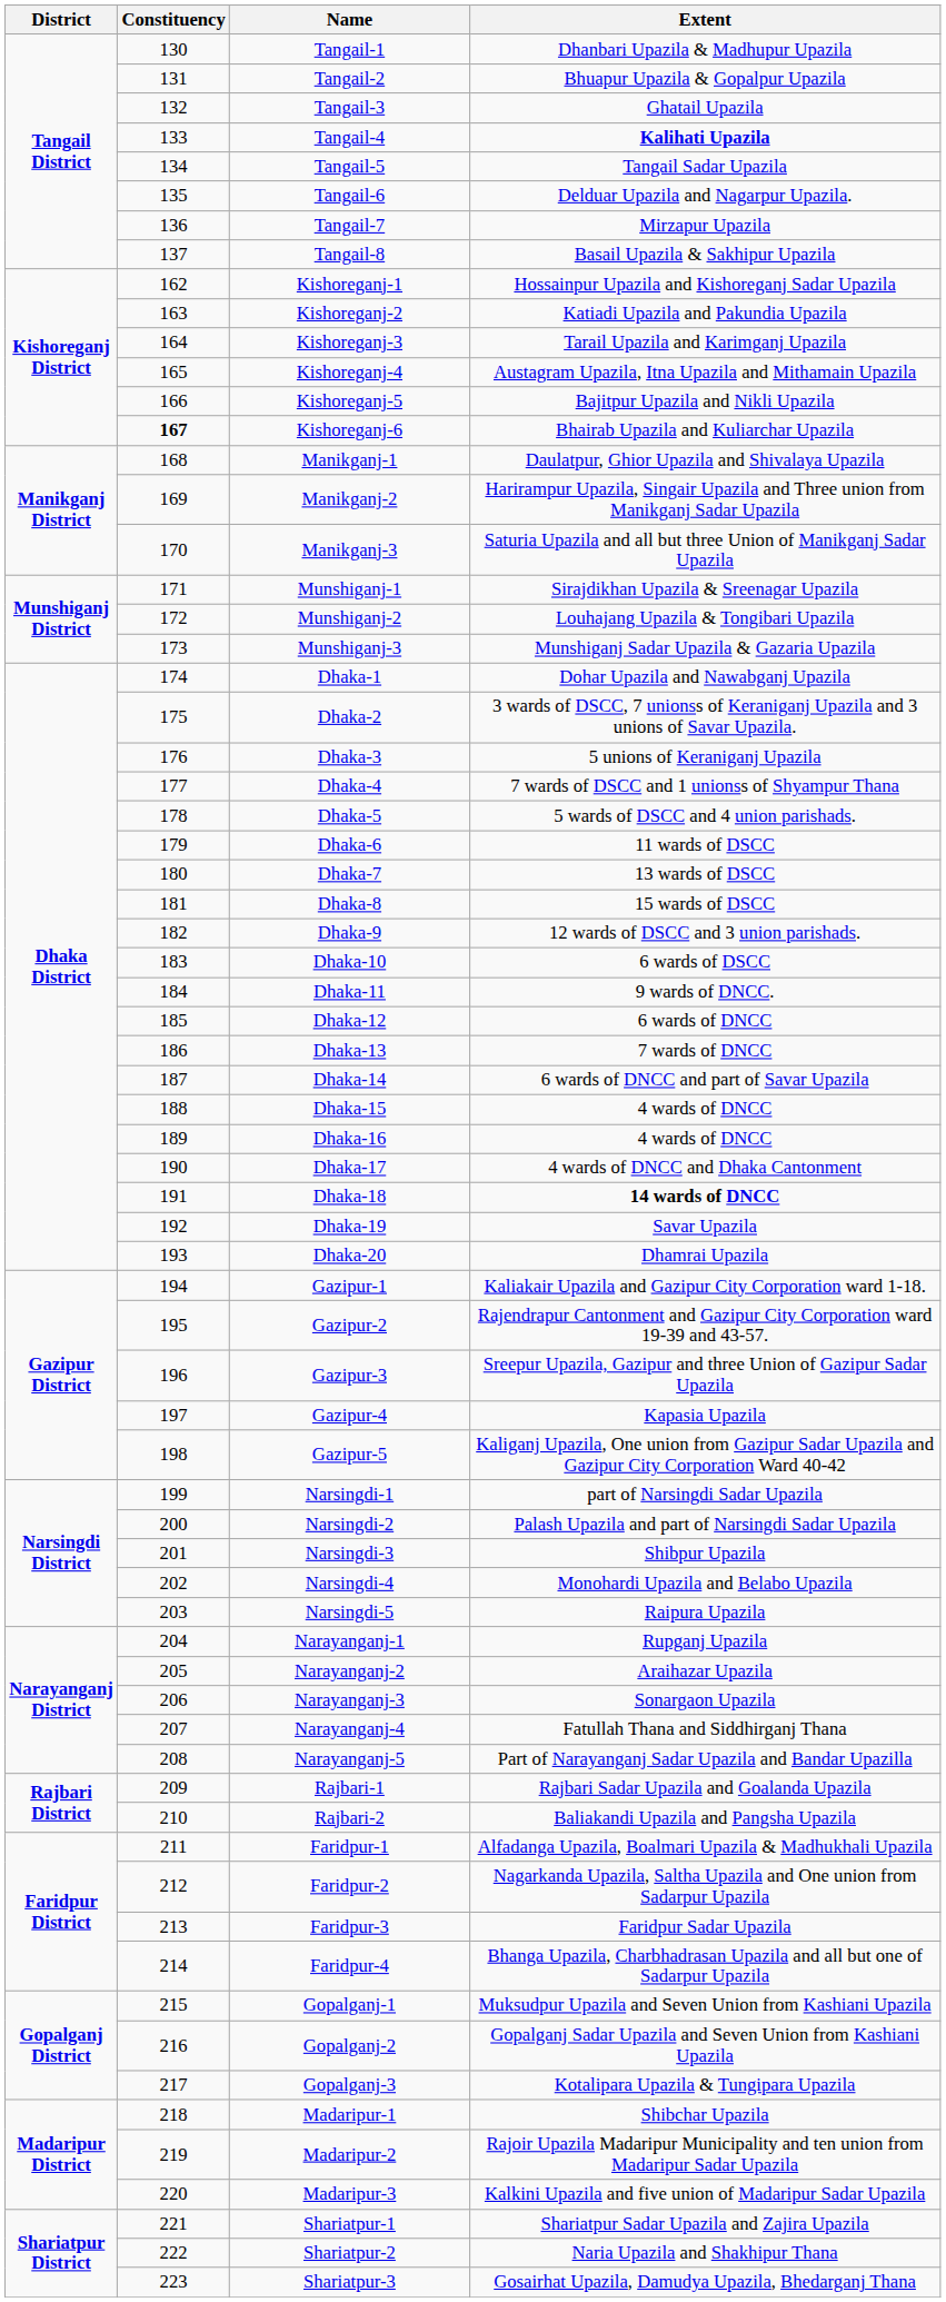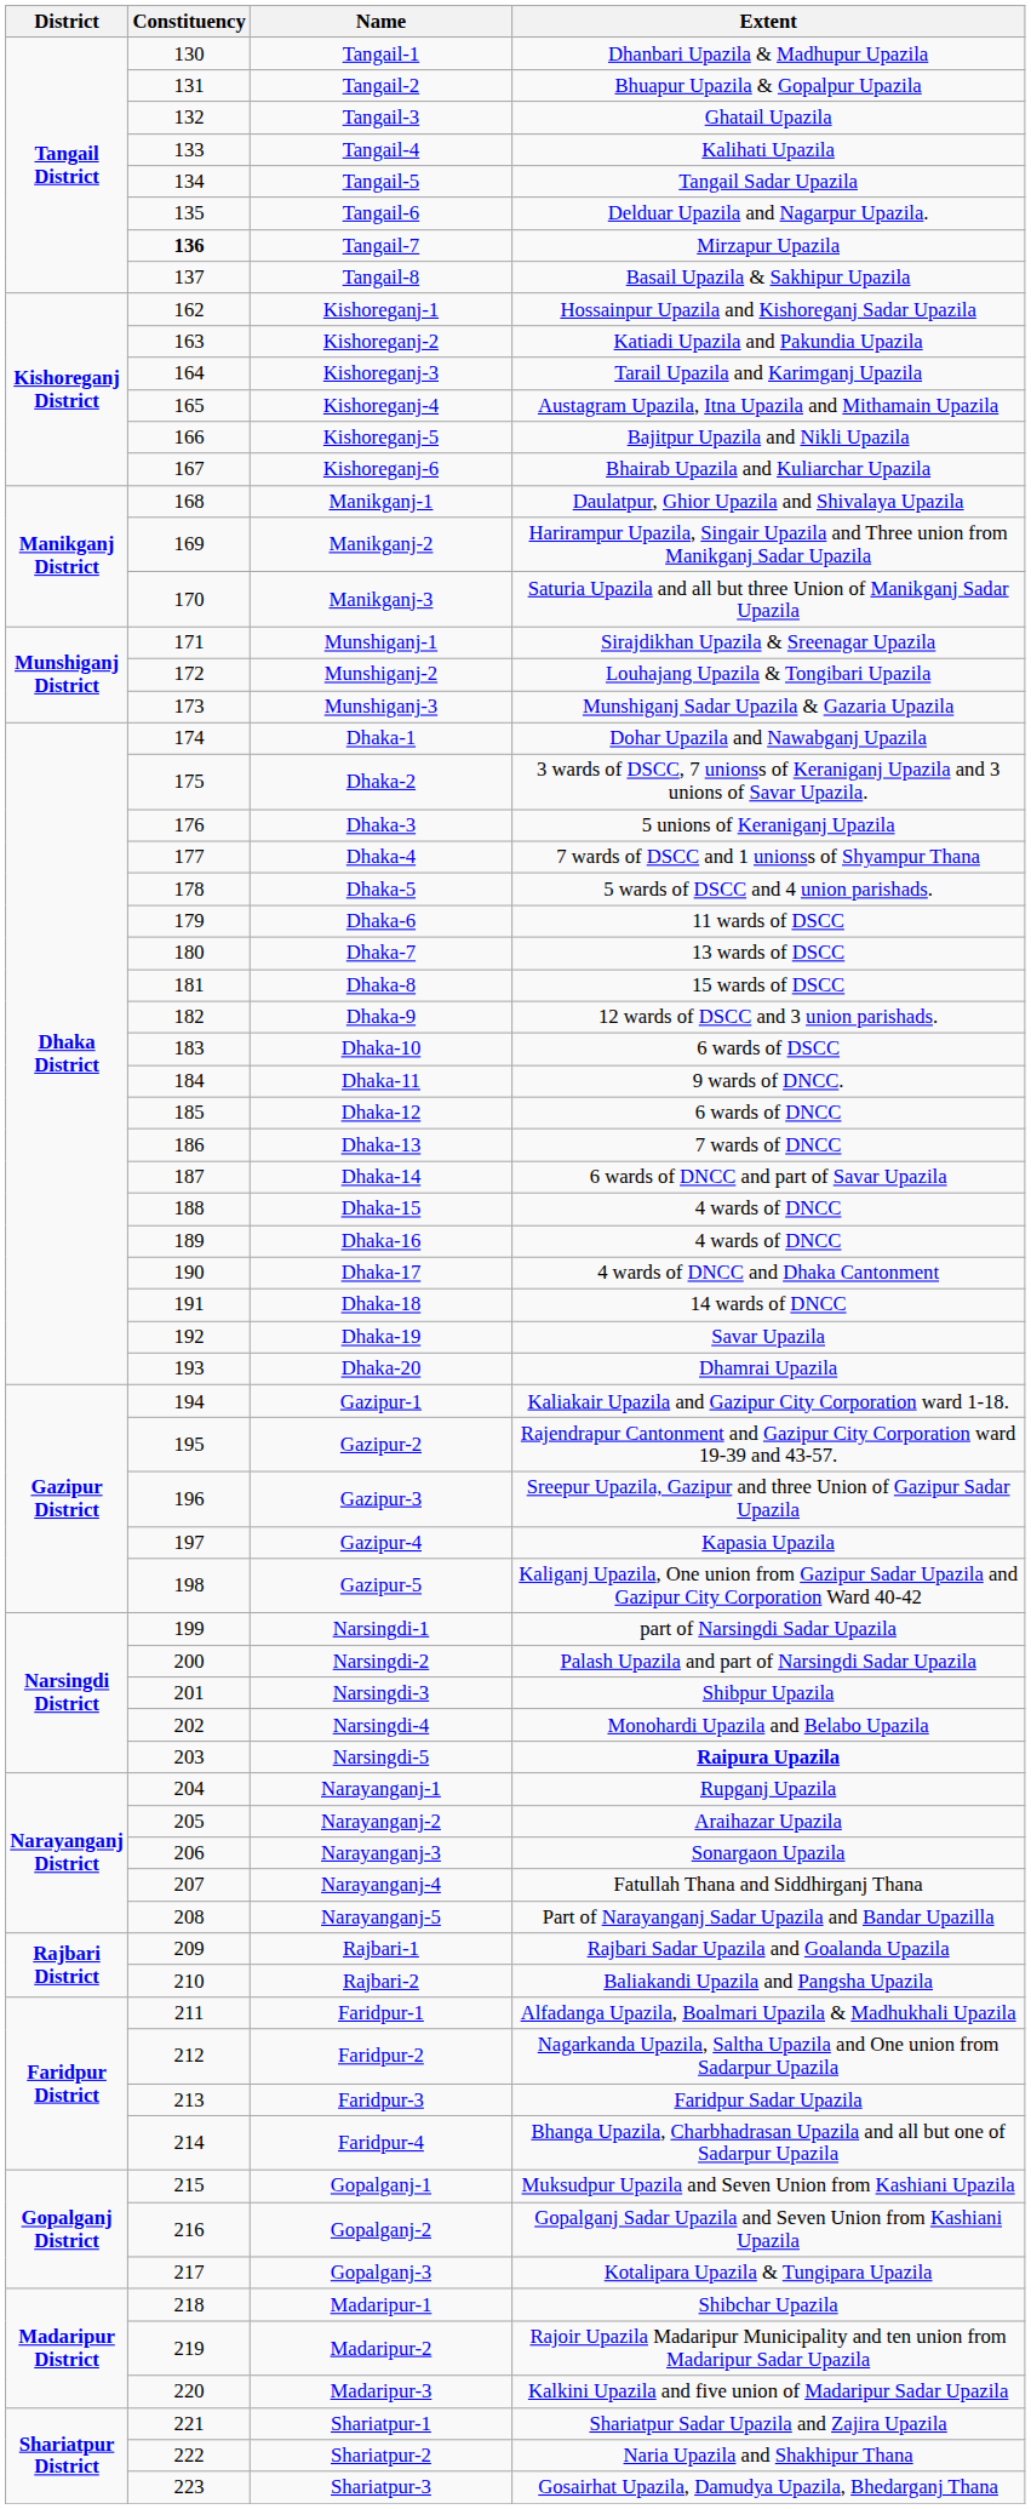 <table class=wikitable style=text-align:center>
 <tr>
 <th width=50>District</th>
 <th>Constituency</th>
 <th width=200>Name</th>
 <th width=400>Extent</th>
 </tr>
 <tr>
 <td rowspan=8align=center><strong><a href='#'>Tangail District</a></strong></td>
 <td>130</td>
 <td><a href='#'>Tangail-1</a></td>
 <td><a href='#'>Dhanbari Upazila</a> & <a href='#'>Madhupur Upazila</a></td>
 </tr>
 <tr>
 <td>131</td>
 <td><a href='#'>Tangail-2</a></td>
 <td><a href='#'>Bhuapur Upazila</a> & <a href='#'>Gopalpur Upazila</a></td>
 </tr>
 <tr>
 <td>132</td>
 <td><a href='#'>Tangail-3</a></td>
 <td><a href='#'>Ghatail Upazila</a></td>
 </tr>
 <tr>
 <td>133</td>
 <td><a href='#'>Tangail-4</a></td>
-<td><strong><a href='#'>Kalihati Upazila</a></strong></td>
+<td><a href='#'>Kalihati Upazila</a></td>
 </tr>
 <tr>
 <td>134</td>
 <td><a href='#'>Tangail-5</a></td>
 <td><a href='#'>Tangail Sadar Upazila</a></td>
 </tr>
 <tr>
 <td>135</td>
 <td><a href='#'>Tangail-6</a></td>
 <td><a href='#'>Delduar Upazila</a> and <a href='#'>Nagarpur Upazila</a>.</td>
 </tr>
 <tr>
-<td>136</td>
+<td><strong>136</strong></td>
 <td><a href='#'>Tangail-7</a></td>
 <td><a href='#'>Mirzapur Upazila</a></td>
 </tr>
 <tr>
 <td>137</td>
 <td><a href='#'>Tangail-8</a></td>
 <td><a href='#'>Basail Upazila</a> & <a href='#'>Sakhipur Upazila</a></td>
 </tr>
 <tr>
 <td rowspan=6align=center><strong><a href='#'>Kishoreganj District</a></strong></td>
 <td>162</td>
 <td><a href='#'>Kishoreganj-1</a></td>
 <td><a href='#'>Hossainpur Upazila</a> and <a href='#'>Kishoreganj Sadar Upazila</a></td>
 </tr>
 <tr>
 <td>163</td>
 <td><a href='#'>Kishoreganj-2</a></td>
 <td><a href='#'>Katiadi Upazila</a> and <a href='#'>Pakundia Upazila</a></td>
 </tr>
 <tr>
 <td>164</td>
 <td><a href='#'>Kishoreganj-3</a></td>
 <td><a href='#'>Tarail Upazila</a> and <a href='#'>Karimganj Upazila</a></td>
 </tr>
 <tr>
 <td>165</td>
 <td><a href='#'>Kishoreganj-4</a></td>
 <td><a href='#'>Austagram Upazila</a>, <a href='#'>Itna Upazila</a> and <a href='#'>Mithamain Upazila</a></td>
 </tr>
 <tr>
 <td>166</td>
 <td><a href='#'>Kishoreganj-5</a></td>
 <td><a href='#'>Bajitpur Upazila</a> and <a href='#'>Nikli Upazila</a></td>
 </tr>
 <tr>
-<td><strong>167</strong></td>
+<td>167</td>
 <td><a href='#'>Kishoreganj-6</a></td>
 <td><a href='#'>Bhairab Upazila</a> and <a href='#'>Kuliarchar Upazila</a></td>
 </tr>
 <tr>
 <td rowspan=3align=center><strong><a href='#'>Manikganj District</a></strong></td>
 <td>168</td>
 <td><a href='#'>Manikganj-1</a></td>
 <td><a href='#'>Daulatpur</a>, <a href='#'>Ghior Upazila</a> and <a href='#'>Shivalaya Upazila</a></td>
 </tr>
 <tr>
 <td>169</td>
 <td><a href='#'>Manikganj-2</a></td>
 <td><a href='#'>Harirampur Upazila</a>, <a href='#'>Singair Upazila</a> and Three union from <a href='#'>Manikganj Sadar Upazila</a></td>
 </tr>
 <tr>
 <td>170</td>
 <td><a href='#'>Manikganj-3</a></td>
 <td><a href='#'>Saturia Upazila</a> and all but three Union of <a href='#'>Manikganj Sadar Upazila</a></td>
 </tr>
 <tr>
 <td rowspan=3align=center><strong><a href='#'>Munshiganj District</a></strong></td>
 <td>171</td>
 <td><a href='#'>Munshiganj-1</a></td>
 <td><a href='#'>Sirajdikhan Upazila</a> & <a href='#'>Sreenagar Upazila</a></td>
 </tr>
 <tr>
 <td>172</td>
 <td><a href='#'>Munshiganj-2</a></td>
 <td><a href='#'>Louhajang Upazila</a> & <a href='#'>Tongibari Upazila</a></td>
 </tr>
 <tr>
 <td>173</td>
 <td><a href='#'>Munshiganj-3</a></td>
 <td><a href='#'>Munshiganj Sadar Upazila</a> & <a href='#'>Gazaria Upazila</a></td>
 </tr>
 <tr>
 <td rowspan=20align=center><strong><a href='#'>Dhaka District</a></strong></td>
 <td>174</td>
 <td><a href='#'>Dhaka-1</a></td>
 <td><a href='#'>Dohar Upazila</a> and <a href='#'>Nawabganj Upazila</a></td>
 </tr>
 <tr>
 <td>175</td>
 <td><a href='#'>Dhaka-2</a></td>
 <td>3 wards of <a href='#'>DSCC</a>, 7 <a href='#'>unions</a>s of <a href='#'>Keraniganj Upazila</a> and 3 unions of <a href='#'>Savar Upazila</a>.</td>
 </tr>
 <tr>
 <td>176</td>
 <td><a href='#'>Dhaka-3</a></td>
 <td>5 unions of <a href='#'>Keraniganj Upazila</a></td>
 </tr>
 <tr>
 <td>177</td>
 <td><a href='#'>Dhaka-4</a></td>
 <td>7 wards of <a href='#'>DSCC</a> and 1 <a href='#'>unions</a>s of <a href='#'>Shyampur Thana</a></td>
 </tr>
 <tr>
 <td>178</td>
 <td><a href='#'>Dhaka-5</a></td>
 <td>5 wards of <a href='#'>DSCC</a> and 4 <a href='#'>union parishads</a>.</td>
 </tr>
 <tr>
 <td>179</td>
 <td><a href='#'>Dhaka-6</a></td>
 <td>11 wards of <a href='#'>DSCC</a></td>
 </tr>
 <tr>
 <td>180</td>
 <td><a href='#'>Dhaka-7</a></td>
 <td>13 wards of <a href='#'>DSCC</a></td>
 </tr>
 <tr>
 <td>181</td>
 <td><a href='#'>Dhaka-8</a></td>
 <td>15 wards of <a href='#'>DSCC</a></td>
 </tr>
 <tr>
 <td>182</td>
 <td><a href='#'>Dhaka-9</a></td>
 <td>12 wards of <a href='#'>DSCC</a> and 3 <a href='#'>union parishads</a>.</td>
 </tr>
 <tr>
 <td>183</td>
 <td><a href='#'>Dhaka-10</a></td>
 <td>6 wards of <a href='#'>DSCC</a></td>
 </tr>
 <tr>
 <td>184</td>
 <td><a href='#'>Dhaka-11</a></td>
 <td>9 wards of <a href='#'>DNCC</a>.</td>
 </tr>
 <tr>
 <td>185</td>
 <td><a href='#'>Dhaka-12</a></td>
 <td>6 wards of <a href='#'>DNCC</a></td>
 </tr>
 <tr>
 <td>186</td>
 <td><a href='#'>Dhaka-13</a></td>
 <td>7 wards of <a href='#'>DNCC</a></td>
 </tr>
 <tr>
 <td>187</td>
 <td><a href='#'>Dhaka-14</a></td>
 <td>6 wards of <a href='#'>DNCC</a> and part of <a href='#'>Savar Upazila</a></td>
 </tr>
 <tr>
 <td>188</td>
 <td><a href='#'>Dhaka-15</a></td>
 <td>4 wards of <a href='#'>DNCC</a></td>
 </tr>
 <tr>
 <td>189</td>
 <td><a href='#'>Dhaka-16</a></td>
 <td>4 wards of <a href='#'>DNCC</a></td>
 </tr>
 <tr>
 <td>190</td>
 <td><a href='#'>Dhaka-17</a></td>
 <td>4 wards of <a href='#'>DNCC</a> and <a href='#'>Dhaka Cantonment</a></td>
 </tr>
 <tr>
 <td>191</td>
 <td><a href='#'>Dhaka-18</a></td>
-<td><strong>14 wards of <a href='#'>DNCC</a></strong></td>
+<td>14 wards of <a href='#'>DNCC</a></td>
 </tr>
 <tr>
 <td>192</td>
 <td><a href='#'>Dhaka-19</a></td>
 <td><a href='#'>Savar Upazila</a></td>
 </tr>
 <tr>
 <td>193</td>
 <td><a href='#'>Dhaka-20</a></td>
 <td><a href='#'>Dhamrai Upazila</a></td>
 </tr>
 <tr>
 <td rowspan=5align=center><strong><a href='#'>Gazipur District</a></strong></td>
 <td>194</td>
 <td><a href='#'>Gazipur-1</a></td>
 <td><a href='#'>Kaliakair Upazila</a> and <a href='#'>Gazipur City Corporation</a> ward 1-18.</td>
 </tr>
 <tr>
 <td>195</td>
 <td><a href='#'>Gazipur-2</a></td>
 <td><a href='#'>Rajendrapur Cantonment</a> and <a href='#'>Gazipur City Corporation</a> ward 19-39 and 43-57.</td>
 </tr>
 <tr>
 <td>196</td>
 <td><a href='#'>Gazipur-3</a></td>
 <td><a href='#'>Sreepur Upazila, Gazipur</a> and three Union of <a href='#'>Gazipur Sadar Upazila</a></td>
 </tr>
 <tr>
 <td>197</td>
 <td><a href='#'>Gazipur-4</a></td>
 <td><a href='#'>Kapasia Upazila</a></td>
 </tr>
 <tr>
 <td>198</td>
 <td><a href='#'>Gazipur-5</a></td>
 <td><a href='#'>Kaliganj Upazila</a>, One union from <a href='#'>Gazipur Sadar Upazila</a> and <a href='#'>Gazipur City Corporation</a> Ward 40-42</td>
 </tr>
 <tr>
 <td rowspan=5align=center><strong><a href='#'>Narsingdi District</a></strong></td>
 <td>199</td>
 <td><a href='#'>Narsingdi-1</a></td>
 <td>part of <a href='#'>Narsingdi Sadar Upazila</a></td>
 </tr>
 <tr>
 <td>200</td>
 <td><a href='#'>Narsingdi-2</a></td>
 <td><a href='#'>Palash Upazila</a> and part of <a href='#'>Narsingdi Sadar Upazila</a></td>
 </tr>
 <tr>
 <td>201</td>
 <td><a href='#'>Narsingdi-3</a></td>
 <td><a href='#'>Shibpur Upazila</a></td>
 </tr>
 <tr>
 <td>202</td>
 <td><a href='#'>Narsingdi-4</a></td>
 <td><a href='#'>Monohardi Upazila</a> and <a href='#'>Belabo Upazila</a></td>
 </tr>
 <tr>
 <td>203</td>
 <td><a href='#'>Narsingdi-5</a></td>
-<td><a href='#'>Raipura Upazila</a></td>
+<td><strong><a href='#'>Raipura Upazila</a></strong></td>
 </tr>
 <tr>
 <td rowspan=5align=center><strong><a href='#'>Narayanganj District</a></strong></td>
 <td>204</td>
 <td><a href='#'>Narayanganj-1</a></td>
 <td><a href='#'>Rupganj Upazila</a></td>
 </tr>
 <tr>
 <td>205</td>
 <td><a href='#'>Narayanganj-2</a></td>
 <td><a href='#'>Araihazar Upazila</a></td>
 </tr>
 <tr>
 <td>206</td>
 <td><a href='#'>Narayanganj-3</a></td>
 <td><a href='#'>Sonargaon Upazila</a></td>
 </tr>
 <tr>
 <td>207</td>
 <td><a href='#'>Narayanganj-4</a></td>
 <td>Fatullah Thana and Siddhirganj Thana</td>
 </tr>
 <tr>
 <td>208</td>
 <td><a href='#'>Narayanganj-5</a></td>
 <td>Part of <a href='#'>Narayanganj Sadar Upazila</a> and <a href='#'>Bandar Upazilla</a></td>
 </tr>
 <tr>
 <td rowspan=2align=center><strong><a href='#'>Rajbari District</a></strong></td>
 <td>209</td>
 <td><a href='#'>Rajbari-1</a></td>
 <td><a href='#'>Rajbari Sadar Upazila</a> and <a href='#'>Goalanda Upazila</a></td>
 </tr>
 <tr>
 <td>210</td>
 <td><a href='#'>Rajbari-2</a></td>
 <td><a href='#'>Baliakandi Upazila</a> and <a href='#'>Pangsha Upazila</a></td>
 </tr>
 <tr>
 <td rowspan=4align=center><strong><a href='#'>Faridpur District</a></strong></td>
 <td>211</td>
 <td><a href='#'>Faridpur-1</a></td>
 <td><a href='#'>Alfadanga Upazila</a>, <a href='#'>Boalmari Upazila</a> & <a href='#'>Madhukhali Upazila</a></td>
 </tr>
 <tr>
 <td>212</td>
 <td><a href='#'>Faridpur-2</a></td>
 <td><a href='#'>Nagarkanda Upazila</a>, <a href='#'>Saltha Upazila</a> and One union from <a href='#'>Sadarpur Upazila</a></td>
 </tr>
 <tr>
 <td>213</td>
 <td><a href='#'>Faridpur-3</a></td>
 <td><a href='#'>Faridpur Sadar Upazila</a></td>
 </tr>
 <tr>
 <td>214</td>
 <td><a href='#'>Faridpur-4</a></td>
 <td><a href='#'>Bhanga Upazila</a>, <a href='#'>Charbhadrasan Upazila</a> and all but one of <a href='#'>Sadarpur Upazila</a></td>
 </tr>
 <tr>
 <td rowspan=3align=center><strong><a href='#'>Gopalganj District</a></strong></td>
 <td>215</td>
 <td><a href='#'>Gopalganj-1</a></td>
 <td><a href='#'>Muksudpur Upazila</a> and Seven Union from <a href='#'>Kashiani Upazila</a></td>
 </tr>
 <tr>
 <td>216</td>
 <td><a href='#'>Gopalganj-2</a></td>
 <td><a href='#'>Gopalganj Sadar Upazila</a> and Seven Union from <a href='#'>Kashiani Upazila</a></td>
 </tr>
 <tr>
 <td>217</td>
 <td><a href='#'>Gopalganj-3</a></td>
 <td><a href='#'>Kotalipara Upazila</a> & <a href='#'>Tungipara Upazila</a></td>
 </tr>
 <tr>
 <td rowspan=3align=center><strong><a href='#'>Madaripur District</a></strong></td>
 <td>218</td>
 <td><a href='#'>Madaripur-1</a></td>
 <td><a href='#'>Shibchar Upazila</a></td>
 </tr>
 <tr>
 <td>219</td>
 <td><a href='#'>Madaripur-2</a></td>
 <td><a href='#'>Rajoir Upazila</a> Madaripur Municipality and ten union from <a href='#'>Madaripur Sadar Upazila</a></td>
 </tr>
 <tr>
 <td>220</td>
 <td><a href='#'>Madaripur-3</a></td>
 <td><a href='#'>Kalkini Upazila</a> and five union of <a href='#'>Madaripur Sadar Upazila</a></td>
 </tr>
 <tr>
 <td rowspan=3align=center><strong><a href='#'>Shariatpur District</a></strong></td>
 <td>221</td>
 <td><a href='#'>Shariatpur-1</a></td>
 <td><a href='#'>Shariatpur Sadar Upazila</a> and <a href='#'>Zajira Upazila</a></td>
 </tr>
 <tr>
 <td>222</td>
 <td><a href='#'>Shariatpur-2</a></td>
 <td><a href='#'>Naria Upazila</a> and <a href='#'>Shakhipur Thana</a></td>
 </tr>
 <tr>
 <td>223</td>
 <td><a href='#'>Shariatpur-3</a></td>
 <td><a href='#'>Gosairhat Upazila</a>, <a href='#'>Damudya Upazila</a>, <a href='#'>Bhedarganj Thana</a></td>
 </tr>
 </table>
